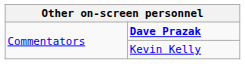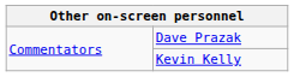 <table align="right" class="wikitable" style="border:1px; font-size:90%; margin-left:1em;">
 <tr>
 <th colspan="2" width="250"><strong>Other on-screen personnel</strong></th>
 </tr>
 <tr>
 <td rowspan=2><a href='#'>Commentators</a></td>
-<td><strong><a href='#'>Dave Prazak</a></strong></td>
+<td><a href='#'>Dave Prazak</a></td>
 </tr>
 <tr>
 <td><a href='#'>Kevin Kelly</a></td>
 </tr>
 </table>
